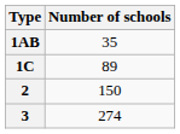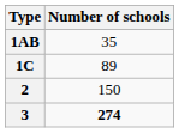 <table class="wikitable" style="text-align: center;">
 <tr>
 <th>Type</th>
 <th>Number of schools</th>
 </tr>
 <tr>
 <th>1AB</th>
 <td>35</td>
 </tr>
 <tr>
 <th>1C</th>
 <td>89</td>
 </tr>
 <tr>
 <th>2</th>
 <td>150</td>
 </tr>
 <tr>
 <th>3</th>
-<td>274</td>
+<td><strong>274</strong></td>
 </tr>
 </table>
